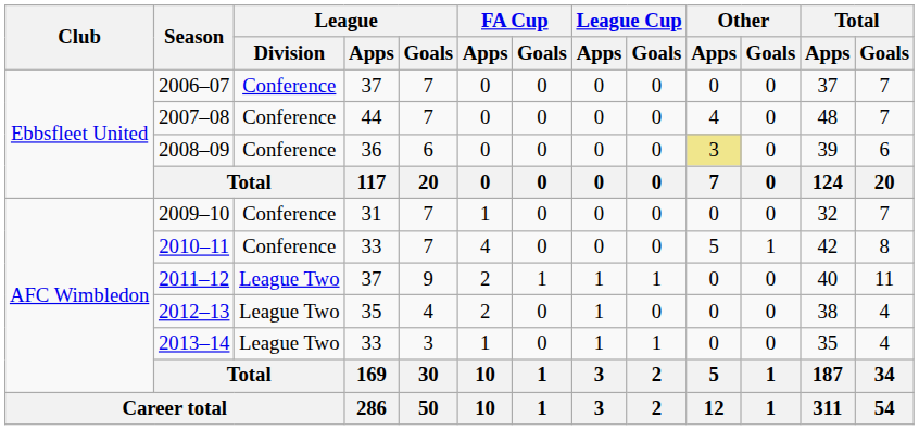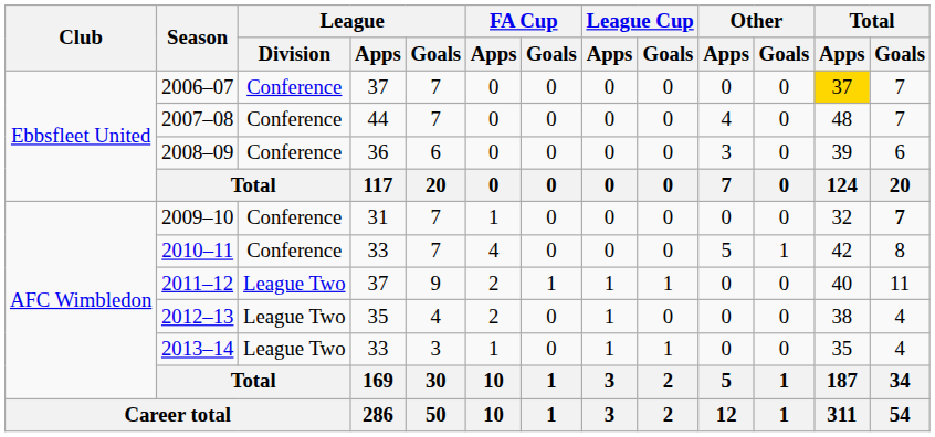 <table class="wikitable" style="text-align: center;">
 <tr>
 <th rowspan=2>Club</th>
 <th rowspan=2>Season</th>
 <th colspan=3>League</th>
 <th colspan=2><a href='#'>FA Cup</a></th>
 <th colspan=2><a href='#'>League Cup</a></th>
 <th colspan=2>Other</th>
 <th colspan=2>Total</th>
 </tr>
 <tr>
 <th>Division</th>
 <th>Apps</th>
 <th>Goals</th>
 <th>Apps</th>
 <th>Goals</th>
 <th>Apps</th>
 <th>Goals</th>
 <th>Apps</th>
 <th>Goals</th>
 <th>Apps</th>
 <th>Goals</th>
 </tr>
 <tr>
 <td rowspan="4"><a href='#'>Ebbsfleet United</a></td>
 <td>2006–07</td>
 <td><a href='#'>Conference</a></td>
 <td>37</td>
 <td>7</td>
 <td>0</td>
 <td>0</td>
 <td>0</td>
 <td>0</td>
 <td>0</td>
 <td>0</td>
-<td>37</td>
+<td style="background: gold;">37</td>
 <td>7</td>
 </tr>
 <tr>
 <td>2007–08</td>
 <td>Conference</td>
 <td>44</td>
 <td>7</td>
 <td>0</td>
 <td>0</td>
 <td>0</td>
 <td>0</td>
 <td>4</td>
 <td>0</td>
 <td>48</td>
 <td>7</td>
 </tr>
 <tr>
 <td>2008–09</td>
 <td>Conference</td>
 <td>36</td>
 <td>6</td>
 <td>0</td>
 <td>0</td>
 <td>0</td>
 <td>0</td>
-<td style="background: khaki;">3</td>
+<td>3</td>
 <td>0</td>
 <td>39</td>
 <td>6</td>
 </tr>
 <tr>
 <th colspan="2">Total</th>
 <th>117</th>
 <th>20</th>
 <th>0</th>
 <th>0</th>
 <th>0</th>
 <th>0</th>
 <th>7</th>
 <th>0</th>
 <th>124</th>
 <th>20</th>
 </tr>
 <tr>
 <td rowspan="6"><a href='#'>AFC Wimbledon</a></td>
 <td>2009–10</td>
 <td>Conference</td>
 <td>31</td>
 <td>7</td>
 <td>1</td>
 <td>0</td>
 <td>0</td>
 <td>0</td>
 <td>0</td>
 <td>0</td>
 <td>32</td>
-<td>7</td>
+<td><strong>7</strong></td>
 </tr>
 <tr>
 <td><a href='#'>2010–11</a></td>
 <td>Conference</td>
 <td>33</td>
 <td>7</td>
 <td>4</td>
 <td>0</td>
 <td>0</td>
 <td>0</td>
 <td>5</td>
 <td>1</td>
 <td>42</td>
 <td>8</td>
 </tr>
 <tr>
 <td><a href='#'>2011–12</a></td>
 <td><a href='#'>League Two</a></td>
 <td>37</td>
 <td>9</td>
 <td>2</td>
 <td>1</td>
 <td>1</td>
 <td>1</td>
 <td>0</td>
 <td>0</td>
 <td>40</td>
 <td>11</td>
 </tr>
 <tr>
 <td><a href='#'>2012–13</a></td>
 <td>League Two</td>
 <td>35</td>
 <td>4</td>
 <td>2</td>
 <td>0</td>
 <td>1</td>
 <td>0</td>
 <td>0</td>
 <td>0</td>
 <td>38</td>
 <td>4</td>
 </tr>
 <tr>
 <td><a href='#'>2013–14</a></td>
 <td>League Two</td>
 <td>33</td>
 <td>3</td>
 <td>1</td>
 <td>0</td>
 <td>1</td>
 <td>1</td>
 <td>0</td>
 <td>0</td>
 <td>35</td>
 <td>4</td>
 </tr>
 <tr>
 <th colspan="2">Total</th>
 <th>169</th>
 <th>30</th>
 <th>10</th>
 <th>1</th>
 <th>3</th>
 <th>2</th>
 <th>5</th>
 <th>1</th>
 <th>187</th>
 <th>34</th>
 </tr>
 <tr>
 <th colspan="3">Career total</th>
 <th>286</th>
 <th>50</th>
 <th>10</th>
 <th>1</th>
 <th>3</th>
 <th>2</th>
 <th>12</th>
 <th>1</th>
 <th>311</th>
 <th>54</th>
 </tr>
 </table>
